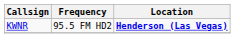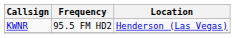 <table class="wikitable">
 <tr>
 <th>Callsign</th>
 <th>Frequency</th>
 <th>Location</th>
 </tr>
 <tr>
 <td><a href='#'>KWNR</a></td>
 <td>95.5 FM HD2</td>
-<td><strong><a href='#'>Henderson (Las Vegas)</a></strong></td>
+<td><a href='#'>Henderson (Las Vegas)</a></td>
 </tr>
 <tr>
 </tr>
 </table>
